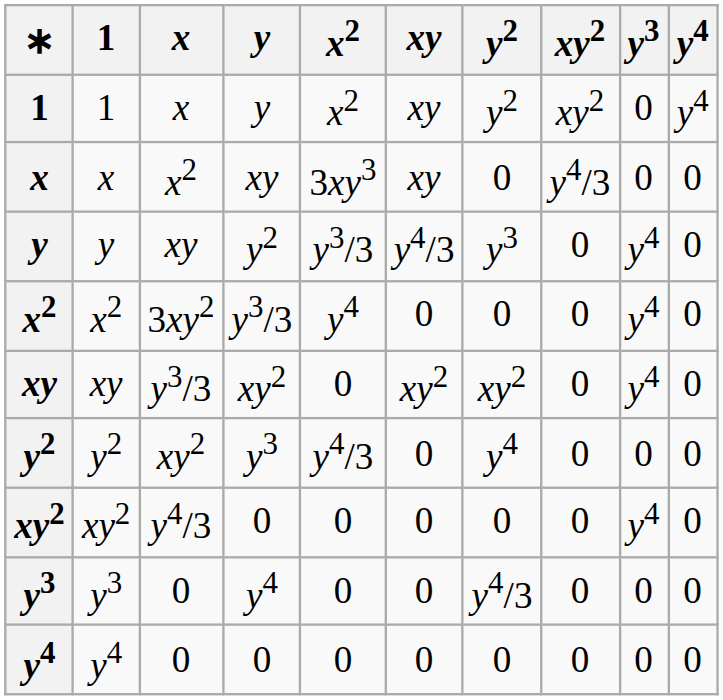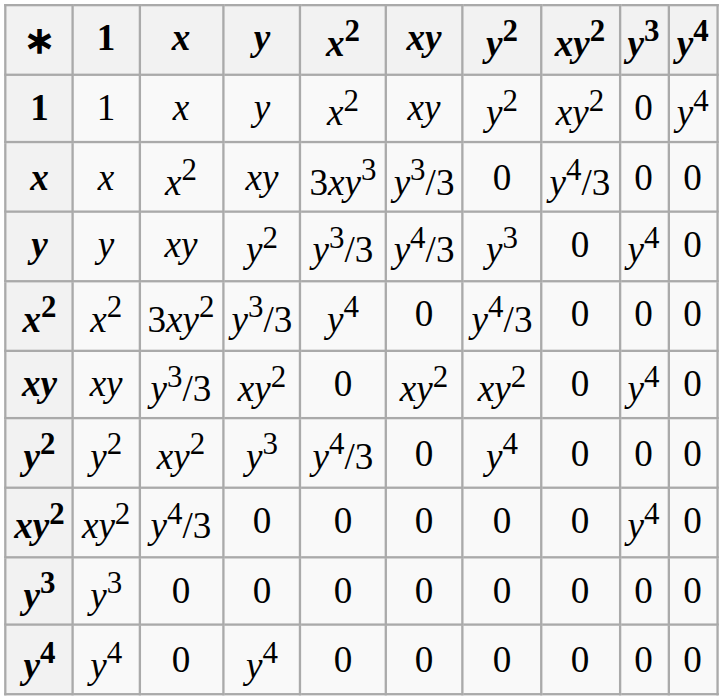 <table class="wikitable" style="text-align:center;margin:1em auto;">
 <tr>
 <th>∗</th>
 <th>1</th>
 <th><em>x</em></th>
 <th><em>y</em></th>
 <th><em>x</em><sup>2</sup></th>
 <th><em>xy</em></th>
 <th><em>y</em><sup>2</sup></th>
 <th><em>xy</em><sup>2</sup></th>
 <th><em>y</em><sup>3</sup></th>
 <th><em>y</em><sup>4</sup></th>
 </tr>
 <tr>
 <th>1</th>
 <td>1</td>
 <td><em>x</em></td>
 <td><em>y</em></td>
 <td><em>x</em><sup>2</sup></td>
 <td><em>xy</em></td>
 <td><em>y</em><sup>2</sup></td>
 <td><em>xy</em><sup>2</sup></td>
 <td>0</td>
 <td><em>y</em><sup>4</sup></td>
 </tr>
 <tr>
 <th><em>x</em></th>
 <td><em>x</em></td>
 <td><em>x</em><sup>2</sup></td>
 <td><em>xy</em></td>
 <td>3<em>xy</em><sup>3</sup></td>
-<td><em>xy</em></td>
+<td><em>y</em><sup>3</sup>/3</td>
 <td>0</td>
 <td><em>y</em><sup>4</sup>/3</td>
 <td>0</td>
 <td>0</td>
 </tr>
 <tr>
 <th><em>y</em></th>
 <td><em>y</em></td>
 <td><em>xy</em></td>
 <td><em>y</em><sup>2</sup></td>
 <td><em>y</em><sup>3</sup>/3</td>
 <td><em>y</em><sup>4</sup>/3</td>
 <td><em>y</em><sup>3</sup></td>
 <td>0</td>
 <td><em>y</em><sup>4</sup></td>
 <td>0</td>
 </tr>
 <tr>
 <th><em>x</em><sup>2</sup></th>
 <td><em>x</em><sup>2</sup></td>
 <td>3<em>xy</em><sup>2</sup></td>
 <td><em>y</em><sup>3</sup>/3</td>
 <td><em>y</em><sup>4</sup></td>
 <td>0</td>
+<td><em>y</em><sup>4</sup>/3</td>
 <td>0</td>
 <td>0</td>
-<td><em>y</em><sup>4</sup></td>
 <td>0</td>
 </tr>
 <tr>
 <th><em>xy</em></th>
 <td><em>xy</em></td>
 <td><em>y</em><sup>3</sup>/3</td>
 <td><em>xy</em><sup>2</sup></td>
 <td>0</td>
 <td><em>xy</em><sup>2</sup></td>
 <td><em>xy</em><sup>2</sup></td>
 <td>0</td>
 <td><em>y</em><sup>4</sup></td>
 <td>0</td>
 </tr>
 <tr>
 <th><em>y</em><sup>2</sup></th>
 <td><em>y</em><sup>2</sup></td>
 <td><em>xy</em><sup>2</sup></td>
 <td><em>y</em><sup>3</sup></td>
 <td><em>y</em><sup>4</sup>/3</td>
 <td>0</td>
 <td><em>y</em><sup>4</sup></td>
 <td>0</td>
 <td>0</td>
 <td>0</td>
 </tr>
 <tr>
 <th><em>xy</em><sup>2</sup></th>
 <td><em>xy</em><sup>2</sup></td>
 <td><em>y</em><sup>4</sup>/3</td>
 <td>0</td>
 <td>0</td>
 <td>0</td>
 <td>0</td>
 <td>0</td>
 <td><em>y</em><sup>4</sup></td>
 <td>0</td>
 </tr>
 <tr>
 <th><em>y</em><sup>3</sup></th>
 <td><em>y</em><sup>3</sup></td>
 <td>0</td>
-<td><em>y</em><sup>4</sup></td>
 <td>0</td>
 <td>0</td>
-<td><em>y</em><sup>4</sup>/3</td>
+<td>0</td>
+<td>0</td>
 <td>0</td>
 <td>0</td>
 <td>0</td>
 </tr>
 <tr>
 <th><em>y</em><sup>4</sup></th>
 <td><em>y</em><sup>4</sup></td>
 <td>0</td>
-<td>0</td>
+<td><em>y</em><sup>4</sup></td>
 <td>0</td>
 <td>0</td>
 <td>0</td>
 <td>0</td>
 <td>0</td>
 <td>0</td>
 </tr>
 </table>
